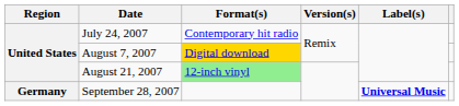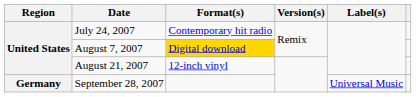 <table class="wikitable plainrowheaders">
 <tr>
 <th scope="col">Region</th>
 <th scope="col">Date</th>
 <th scope="col">Format(s)</th>
 <th scope="col">Version(s)</th>
 <th scope="col">Label(s)</th>
 <th scope="col"></th>
 </tr>
 <tr>
 <th scope="row" rowspan="3">United States</th>
 <td>July 24, 2007</td>
 <td><a href='#'>Contemporary hit radio</a></td>
 <td rowspan="2">Remix</td>
 <td rowspan="3"></td>
 <td align="center"></td>
 </tr>
 <tr>
 <td>August 7, 2007</td>
 <td style="background: gold;"><a href='#'>Digital download</a></td>
 <td align="center"></td>
 </tr>
 <tr>
 <td>August 21, 2007</td>
-<td style="background: lightgreen;"><a href='#'>12-inch vinyl</a></td>
+<td><a href='#'>12-inch vinyl</a></td>
 <td rowspan="2"></td>
 <td></td>
 </tr>
 <tr>
 <th scope="row">Germany</th>
 <td>September 28, 2007</td>
 <td></td>
-<td><strong><a href='#'>Universal Music</a></strong></td>
+<td><a href='#'>Universal Music</a></td>
 <td align="center"></td>
 </tr>
 </table>
